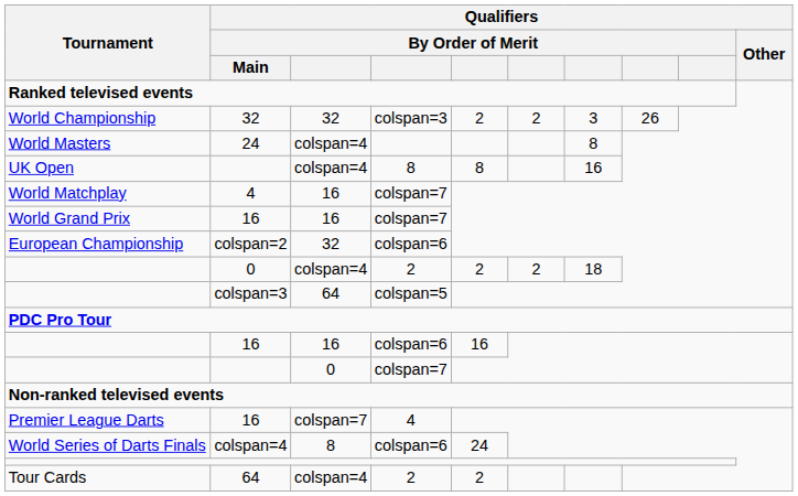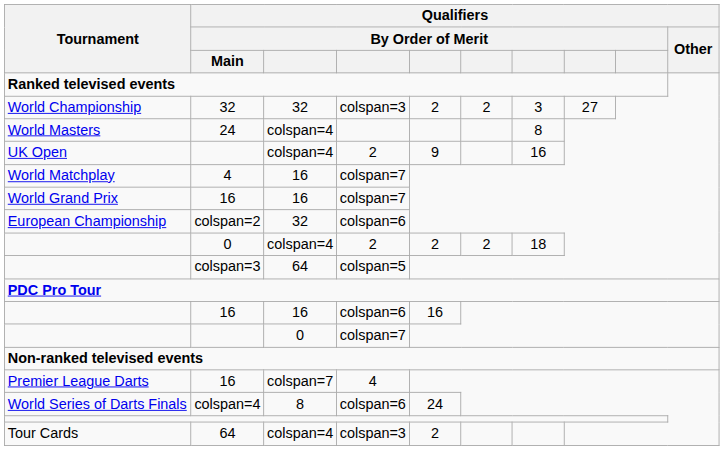 <table class="wikitable" style="text-align:center">
 <tr>
 <th rowspan=3 style="width:200px;">Tournament</th>
 <th colspan=9>Qualifiers </th>
 </tr>
 <tr>
 <th colspan=8>By Order of Merit</th>
 <th rowspan=2 style="width:50px;">Other</th>
 </tr>
 <tr>
 <th>Main</th>
 <th style="width:50px;"></th>
 <th style="width:50px;"></th>
 <th style="width:50px;"></th>
 <th style="width:50px;"></th>
 <th style="width:50px;"></th>
 <th style="width:50px;"></th>
 <th style="width:50px;"></th>
 </tr>
 <tr>
 <td colspan="9" align="left"><strong>Ranked televised events</strong></td>
 </tr>
 <tr>
 <td align="left"><a href='#'>World Championship</a></td>
 <td>32 </td>
 <td>32</td>
 <td>colspan=3 </td>
 <td>2</td>
 <td>2</td>
 <td>3</td>
-<td>26</td>
+<td>27</td>
 </tr>
 <tr>
 <td align="left"><a href='#'>World Masters</a></td>
 <td>24 </td>
 <td>colspan=4 </td>
 <td></td>
 <td></td>
 <td></td>
 <td>8</td>
 </tr>
 <tr>
 <td align="left"><a href='#'>UK Open</a></td>
 <td></td>
 <td>colspan=4 </td>
-<td>8</td>
-<td>8</td>
+<td>2</td>
+<td>9</td>
 <td></td>
 <td>16</td>
 </tr>
 <tr>
 <td align="left"><a href='#'>World Matchplay</a></td>
 <td>4</td>
 <td>16</td>
 <td>colspan=7 </td>
 </tr>
 <tr>
 <td align="left"><a href='#'>World Grand Prix</a></td>
 <td>16 </td>
 <td>16</td>
 <td>colspan=7 </td>
 </tr>
 <tr>
 <td align="left"><a href='#'>European Championship</a></td>
 <td>colspan=2 </td>
 <td>32 </td>
 <td>colspan=6 </td>
 </tr>
 <tr>
 <td align="left"></td>
 <td>0 </td>
 <td>colspan=4 </td>
 <td>2</td>
 <td>2</td>
 <td>2</td>
 <td>18</td>
 </tr>
 <tr>
 <td align="left"></td>
 <td>colspan=3 </td>
 <td>64 </td>
 <td>colspan=5 </td>
 </tr>
 <tr>
 <td colspan="10" align="left"><strong><a href='#'>PDC Pro Tour</a></strong></td>
 </tr>
 <tr>
 <td align="left"></td>
 <td>16 </td>
 <td>16</td>
 <td>colspan=6 </td>
 <td>16</td>
 </tr>
 <tr>
 <td align="left"></td>
 <td></td>
 <td>0 </td>
 <td>colspan=7 </td>
 </tr>
 <tr>
 <td colspan="10" align="left"><strong>Non-ranked televised events</strong></td>
 </tr>
 <tr>
 <td align="left"><a href='#'>Premier League Darts</a></td>
 <td>16 </td>
 <td>colspan=7 </td>
 <td>4</td>
 </tr>
 <tr>
 <td align="left"><a href='#'>World Series of Darts Finals</a></td>
 <td>colspan=4 </td>
 <td>8 </td>
 <td>colspan=6 </td>
 <td>24</td>
 </tr>
 <tr>
 <td colspan="9" align="left"></td>
 </tr>
 <tr>
 <td align="left">Tour Cards</td>
 <td>64</td>
 <td>colspan=4 </td>
-<td>2</td>
+<td>colspan=3 </td>
 <td>2</td>
 <td></td>
 <td></td>
 </tr>
 </table>
